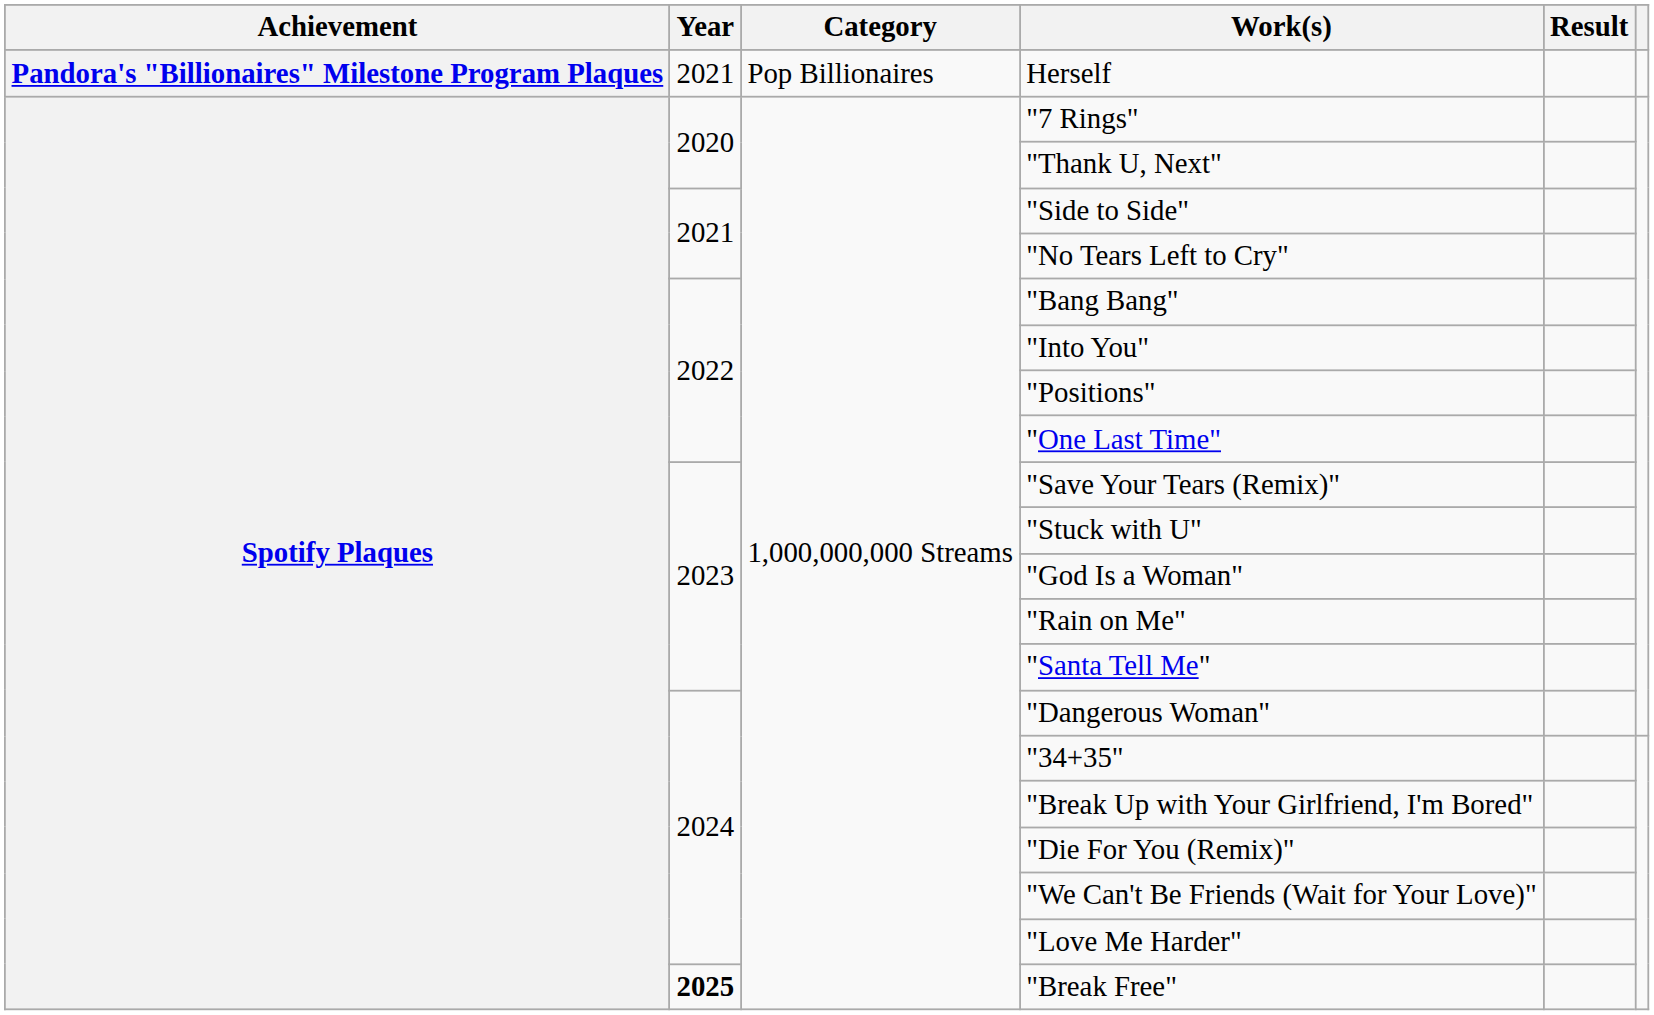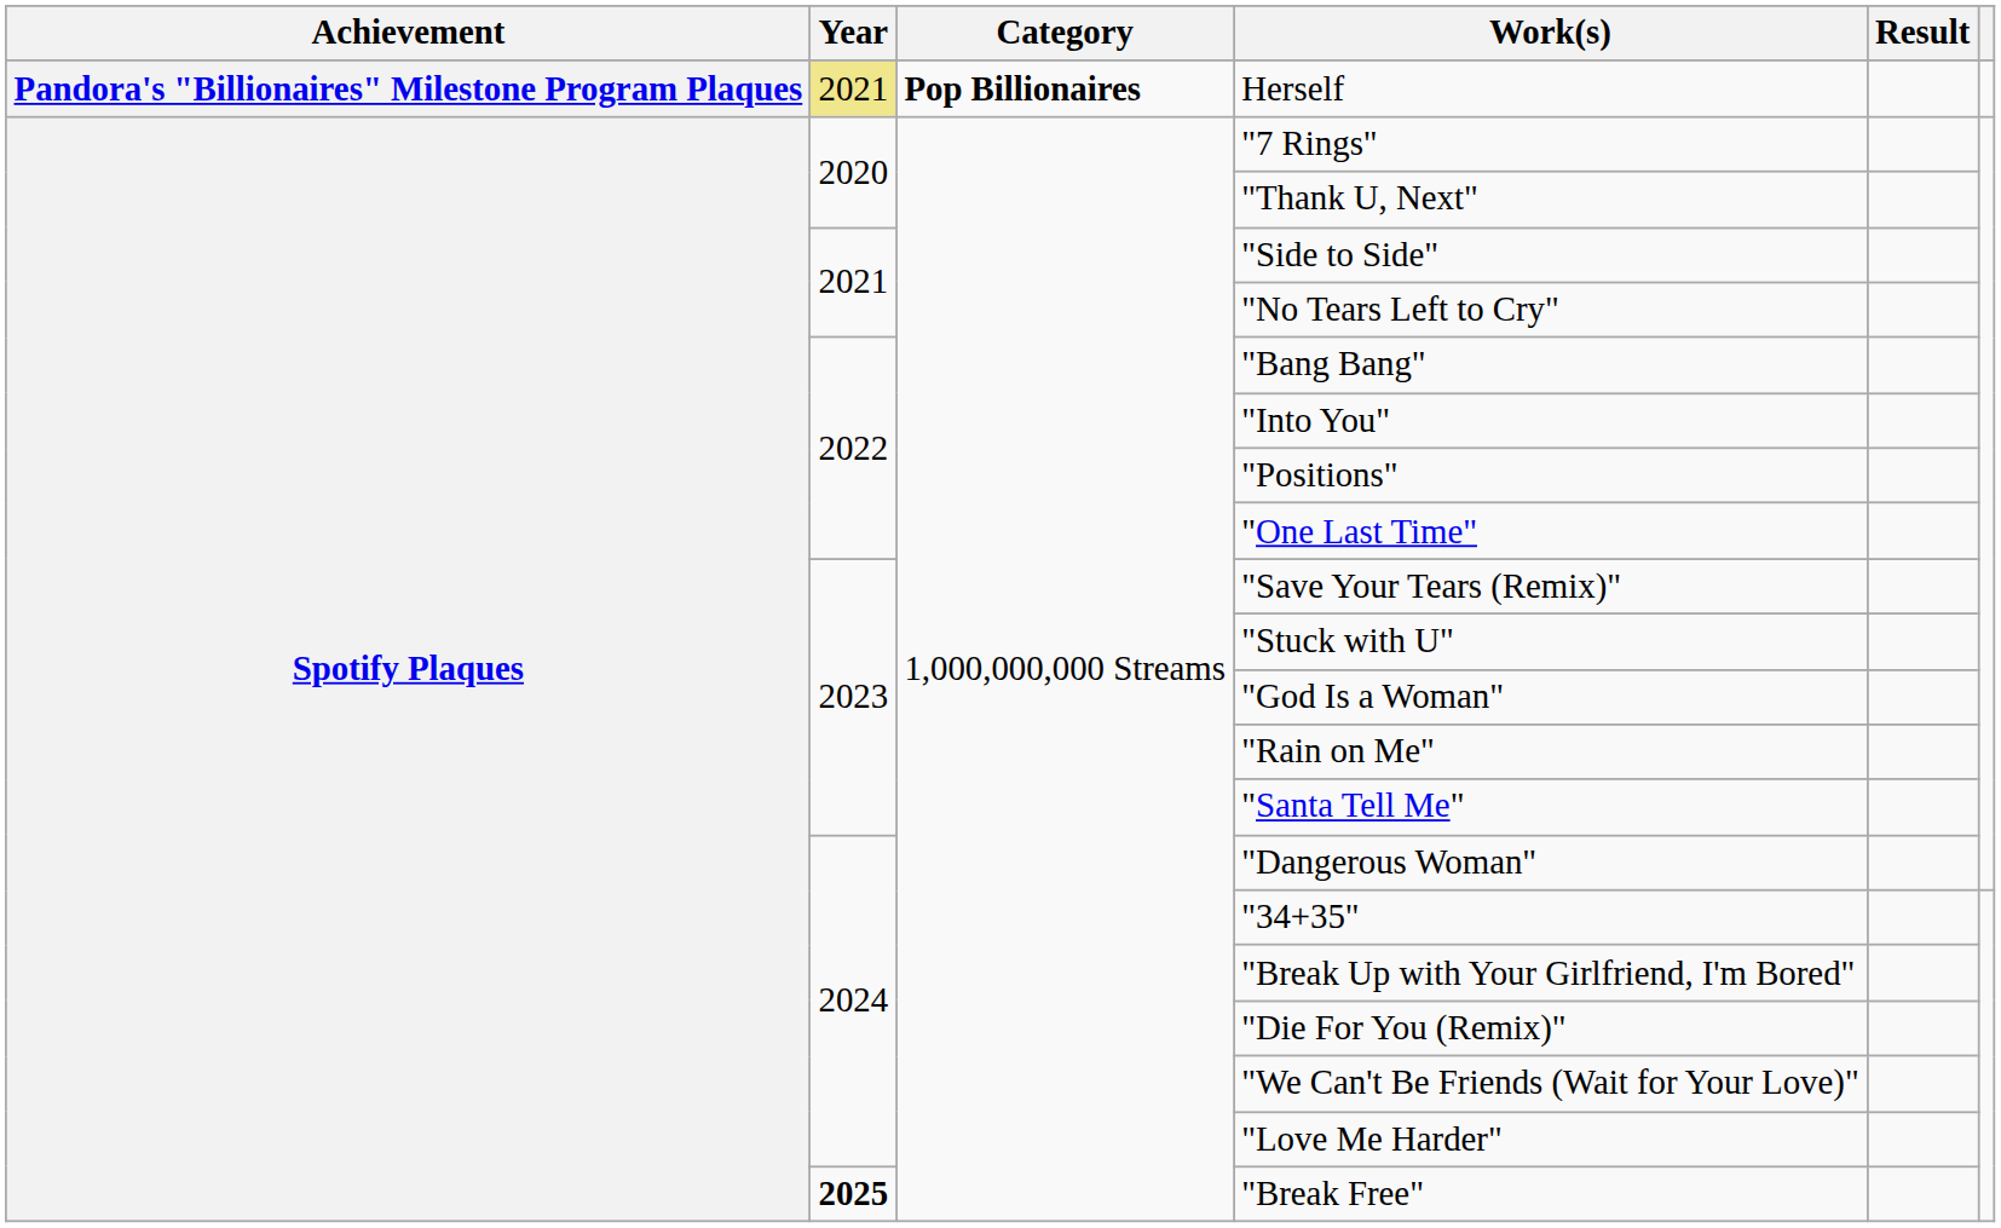 <table class="wikitable sortable plainrowheaders">
 <tr style="background:#ccc; text-align:center;">
 <th scope="col">Achievement</th>
 <th scope="col">Year</th>
 <th scope="col">Category</th>
 <th scope="col">Work(s)</th>
 <th scope="col">Result</th>
 <th scope="col" class="unsortable"></th>
 </tr>
 <tr>
 <th scope="row"><a href='#'>Pandora's "Billionaires" Milestone Program Plaques</a></th>
-<td>2021</td>
-<td>Pop Billionaires</td>
+<td style="background: khaki;">2021</td>
+<td><strong>Pop Billionaires</strong></td>
 <td>Herself</td>
 <td></td>
 <td style="text-align:center;"></td>
 </tr>
 <tr>
 <th rowspan="20" scope="row"><a href='#'>Spotify Plaques</a></th>
 <td rowspan="2">2020</td>
 <td rowspan="20">1,000,000,000 Streams</td>
 <td>"7 Rings"</td>
 <td></td>
 <td rowspan="14" style="text-align:center;"></td>
 </tr>
 <tr>
 <td>"Thank U, Next"</td>
 <td></td>
 </tr>
 <tr>
 <td rowspan="2">2021</td>
 <td>"Side to Side" </td>
 <td></td>
 </tr>
 <tr>
 <td>"No Tears Left to Cry"</td>
 <td></td>
 </tr>
 <tr>
 <td rowspan="4">2022</td>
 <td>"Bang Bang" </td>
 <td></td>
 </tr>
 <tr>
 <td>"Into You"</td>
 <td></td>
 </tr>
 <tr>
 <td>"Positions"</td>
 <td></td>
 </tr>
 <tr>
 <td>"<a href='#'>One Last Time"</a></td>
 <td></td>
 </tr>
 <tr>
 <td rowspan="5">2023</td>
 <td>"Save Your Tears (Remix)" </td>
 <td></td>
 </tr>
 <tr>
 <td>"Stuck with U" </td>
 <td></td>
 </tr>
 <tr>
 <td>"God Is a Woman"</td>
 <td></td>
 </tr>
 <tr>
 <td>"Rain on Me" </td>
 <td></td>
 </tr>
 <tr>
 <td>"<a href='#'>Santa Tell Me</a>"</td>
 <td></td>
 </tr>
 <tr>
 <td rowspan="6">2024</td>
 <td>"Dangerous Woman"</td>
 <td></td>
 </tr>
 <tr>
 <td>"34+35"</td>
 <td></td>
 <td rowspan="6" style="text-align:center;"></td>
 </tr>
 <tr>
 <td>"Break Up with Your Girlfriend, I'm Bored"</td>
 <td></td>
 </tr>
 <tr>
 <td>"Die For You (Remix)" </td>
 <td></td>
 </tr>
 <tr>
 <td>"We Can't Be Friends (Wait for Your Love)"</td>
 <td></td>
 </tr>
 <tr>
 <td>"Love Me Harder" </td>
 <td></td>
 </tr>
 <tr>
 <td><strong>2025</strong></td>
 <td>"Break Free" </td>
 <td></td>
 </tr>
 </table>
